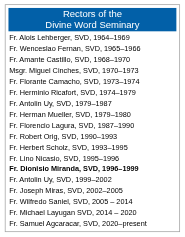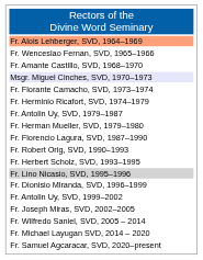 <table style="float:right; margin:1em; width:24em; border:1px solid #a0a0a0; padding:2px; text-align:left; font-size:x-small;">
 <tr style="text-align:center; font-size:small; background-color:#0260A8; color:white;">
 <td>Rectors of the <br>Divine Word Seminary</td>
 </tr>
 <tr>
-<td>Fr. Alois Lehberger, SVD, 1964–1969</td>
+<td style="background: lightsalmon;">Fr. Alois Lehberger, SVD, 1964–1969</td>
 </tr>
 <tr>
 <td>Fr. Wenceslao Fernan, SVD, 1965–1966</td>
 </tr>
 <tr>
 <td>Fr. Amante Castillo, SVD, 1968–1970</td>
 </tr>
 <tr>
-<td>Msgr. Miguel Cinches, SVD, 1970–1973</td>
+<td style="background: lavender;">Msgr. Miguel Cinches, SVD, 1970–1973</td>
 </tr>
 <tr>
 <td>Fr. Florante Camacho, SVD, 1973–1974</td>
 </tr>
 <tr>
 <td>Fr. Herminio Ricafort, SVD, 1974–1979</td>
 </tr>
 <tr>
 <td>Fr. Antolin Uy, SVD, 1979–1987</td>
 </tr>
 <tr>
 <td>Fr. Herman Mueller, SVD, 1979–1980</td>
 </tr>
 <tr>
 <td>Fr. Florencio Lagura, SVD, 1987–1990</td>
 </tr>
 <tr>
 <td>Fr. Robert Orig, SVD, 1990–1993</td>
 </tr>
 <tr>
 <td>Fr. Herbert Scholz, SVD, 1993–1995</td>
 </tr>
 <tr>
-<td>Fr. Lino Nicasio, SVD, 1995–1996</td>
+<td style="background: lightgrey;">Fr. Lino Nicasio, SVD, 1995–1996</td>
 </tr>
 <tr>
-<td><strong>Fr. Dionisio Miranda, SVD, 1996–1999</strong></td>
+<td>Fr. Dionisio Miranda, SVD, 1996–1999</td>
 </tr>
 <tr>
 <td>Fr. Antolin Uy, SVD, 1999–2002</td>
 </tr>
 <tr>
 <td>Fr. Joseph Miras, SVD, 2002–2005</td>
 </tr>
 <tr>
 <td>Fr. Wilfredo Saniel, SVD, 2005 – 2014</td>
 </tr>
 <tr>
 <td>Fr. Michael Layugan SVD, 2014 – 2020</td>
 </tr>
 <tr>
 <td>Fr. Samuel Agcaracar, SVD, 2020–present</td>
 </tr>
 </table>
